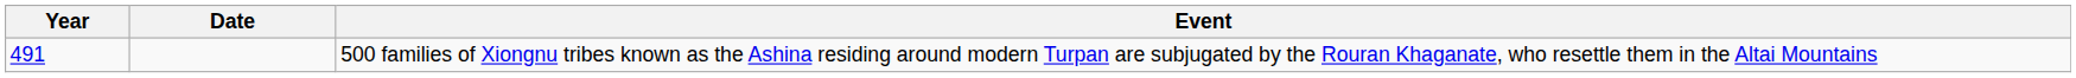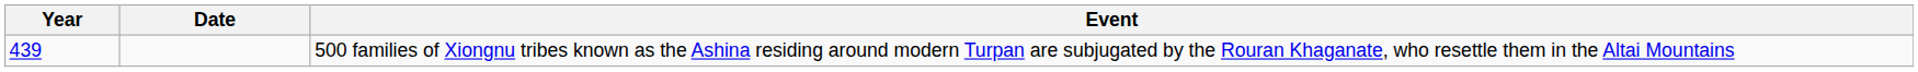 <table class="wikitable" width="100%">
 <tr>
 <th style="width:6%">Year</th>
 <th style="width:10%">Date</th>
 <th>Event</th>
 </tr>
 <tr>
-<td><a href='#'>491</a></td>
+<td><a href='#'>439</a></td>
 <td></td>
 <td>500 families of <a href='#'>Xiongnu</a> tribes known as the <a href='#'>Ashina</a> residing around modern <a href='#'>Turpan</a> are subjugated by the <a href='#'>Rouran Khaganate</a>, who resettle them in the <a href='#'>Altai Mountains</a></td>
 </tr>
 </table>
